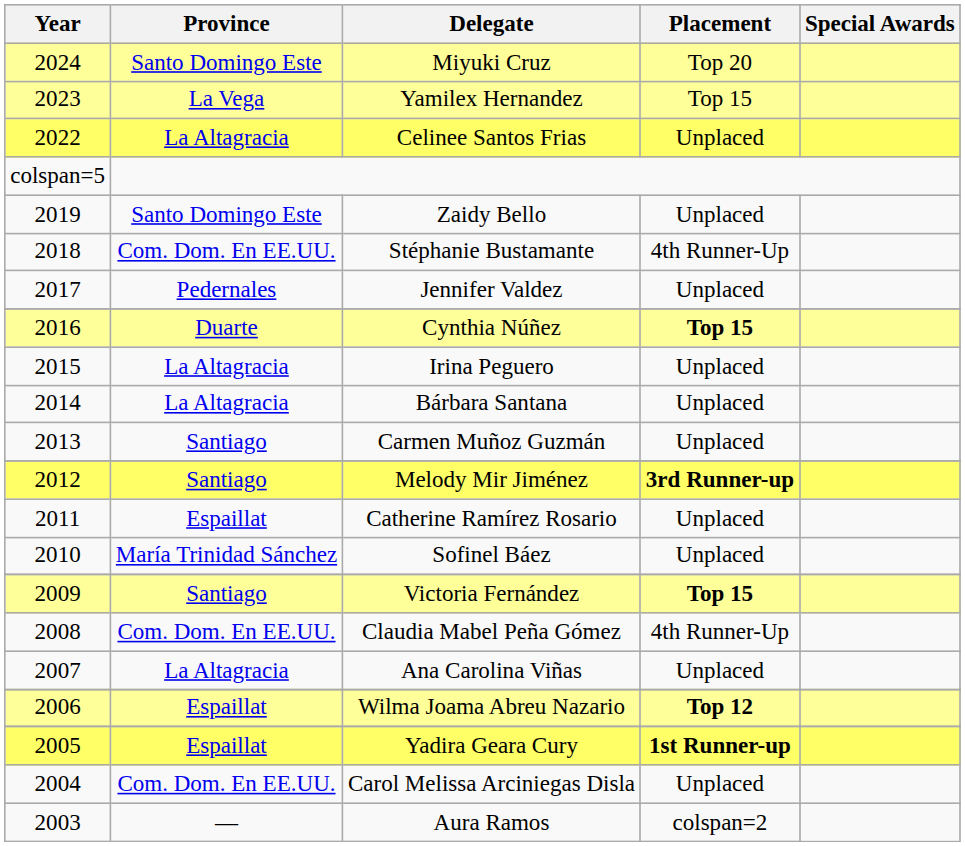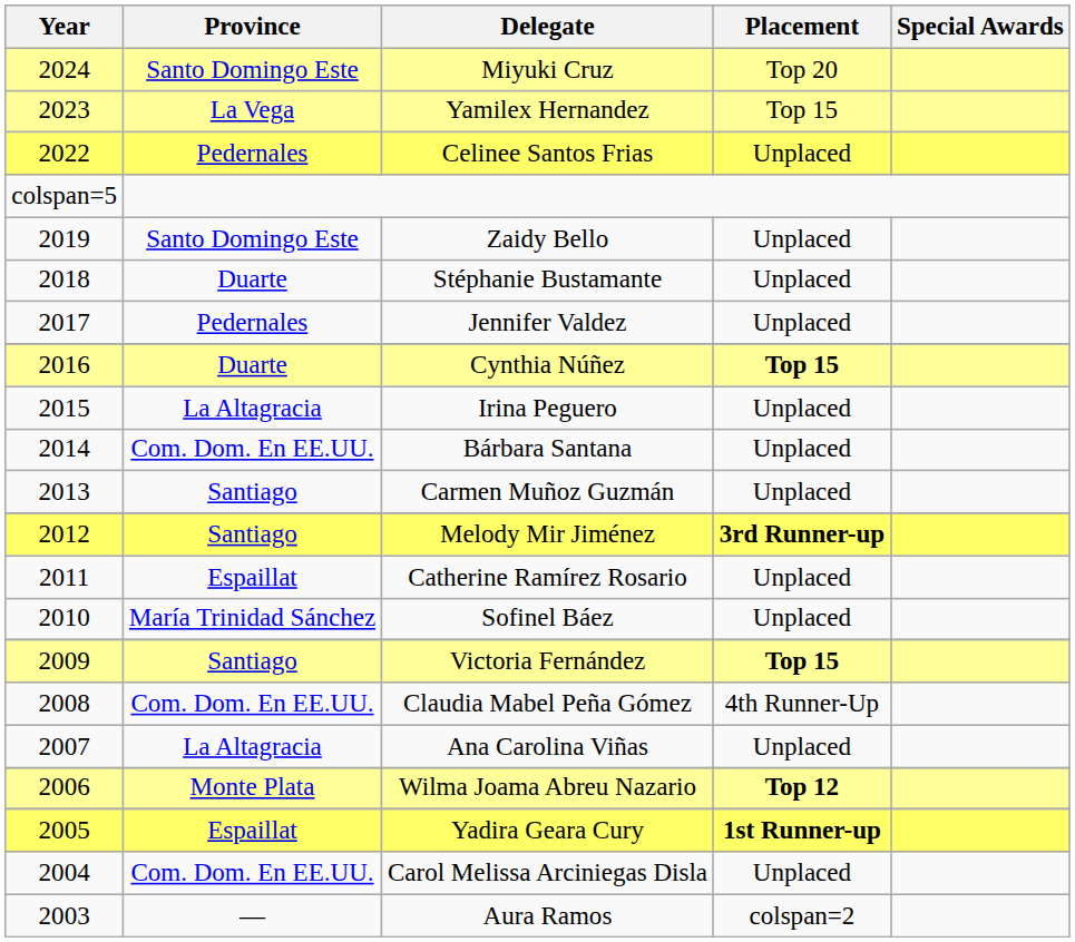 <table class="wikitable " style="font-size: 90%; text-align:center;">
 <tr>
 <th>Year</th>
 <th>Province</th>
 <th>Delegate</th>
 <th>Placement</th>
 <th>Special Awards</th>
 </tr>
 <tr style="background-color:#FFFF99;">
 <td>2024</td>
 <td><a href='#'>Santo Domingo Este</a></td>
 <td>Miyuki Cruz</td>
 <td>Top 20</td>
 <td></td>
 </tr>
 <tr style="background-color:#FFFF99; ">
 <td>2023</td>
 <td><a href='#'>La Vega</a></td>
 <td>Yamilex Hernandez</td>
 <td>Top 15</td>
 <td></td>
 </tr>
 <tr style="background:#FFFF66;">
 <td>2022</td>
-<td><a href='#'>La Altagracia</a></td>
+<td><a href='#'>Pedernales</a></td>
 <td>Celinee Santos Frias</td>
 <td>Unplaced</td>
 <td></td>
 </tr>
 <tr>
 <td>colspan=5 </td>
 </tr>
 <tr>
 <td>2019</td>
 <td><a href='#'>Santo Domingo Este</a></td>
 <td>Zaidy Bello</td>
 <td>Unplaced</td>
 <td></td>
 </tr>
 <tr>
 <td>2018</td>
-<td><a href='#'>Com. Dom. En EE.UU.</a></td>
+<td><a href='#'>Duarte</a></td>
 <td>Stéphanie Bustamante</td>
-<td>4th Runner-Up</td>
+<td>Unplaced</td>
 <td></td>
 </tr>
 <tr>
 <td>2017</td>
 <td><a href='#'>Pedernales</a></td>
 <td>Jennifer Valdez</td>
 <td>Unplaced</td>
 <td></td>
 </tr>
 <tr>
 </tr>
 <tr style="background-color:#FFFF99; ">
 <td>2016</td>
 <td><a href='#'>Duarte</a></td>
 <td>Cynthia Núñez</td>
 <td><strong>Top 15</strong></td>
 <td></td>
 </tr>
 <tr>
 <td>2015</td>
 <td><a href='#'>La Altagracia</a></td>
 <td>Irina Peguero</td>
 <td>Unplaced</td>
 <td></td>
 </tr>
 <tr>
 <td>2014</td>
-<td><a href='#'>La Altagracia</a></td>
+<td><a href='#'>Com. Dom. En EE.UU.</a></td>
 <td>Bárbara Santana</td>
 <td>Unplaced</td>
 <td></td>
 </tr>
 <tr>
 <td>2013</td>
 <td><a href='#'>Santiago</a></td>
 <td>Carmen Muñoz Guzmán</td>
 <td>Unplaced</td>
 <td></td>
 </tr>
 <tr>
 </tr>
 <tr style="background-color:#FFFF66; ">
 <td>2012</td>
 <td><a href='#'>Santiago</a></td>
 <td>Melody Mir Jiménez</td>
 <td><strong>3rd Runner-up</strong></td>
 <td></td>
 </tr>
 <tr>
 <td>2011</td>
 <td><a href='#'>Espaillat</a></td>
 <td>Catherine Ramírez Rosario</td>
 <td>Unplaced</td>
 <td></td>
 </tr>
 <tr>
 <td>2010</td>
 <td><a href='#'>María Trinidad Sánchez</a></td>
 <td>Sofinel Báez</td>
 <td>Unplaced</td>
 <td></td>
 </tr>
 <tr>
 </tr>
 <tr style="background-color:#FFFF99; ">
 <td>2009</td>
 <td><a href='#'>Santiago</a></td>
 <td>Victoria Fernández</td>
 <td><strong>Top 15</strong></td>
 <td></td>
 </tr>
 <tr>
 <td>2008</td>
 <td><a href='#'>Com. Dom. En EE.UU.</a></td>
 <td>Claudia Mabel Peña Gómez</td>
 <td>4th Runner-Up</td>
 <td></td>
 </tr>
 <tr>
 <td>2007</td>
 <td><a href='#'>La Altagracia</a></td>
 <td>Ana Carolina Viñas</td>
 <td>Unplaced</td>
 <td></td>
 </tr>
 <tr>
 </tr>
 <tr style="background-color:#FFFF99; ">
 <td>2006</td>
-<td><a href='#'>Espaillat</a></td>
+<td><a href='#'>Monte Plata</a></td>
 <td>Wilma Joama Abreu Nazario</td>
 <td><strong>Top 12</strong></td>
 <td></td>
 </tr>
 <tr>
 </tr>
 <tr style="background-color:#FFFF66; ">
 <td>2005</td>
 <td><a href='#'>Espaillat</a></td>
 <td>Yadira Geara Cury</td>
 <td><strong>1st Runner-up</strong></td>
 <td></td>
 </tr>
 <tr>
 <td>2004</td>
 <td><a href='#'>Com. Dom. En EE.UU.</a></td>
 <td>Carol Melissa Arciniegas Disla</td>
 <td>Unplaced</td>
 <td></td>
 </tr>
 <tr>
 <td>2003</td>
 <td>—</td>
 <td>Aura Ramos</td>
 <td>colspan=2 </td>
 </tr>
 <tr>
 </tr>
 </table>
